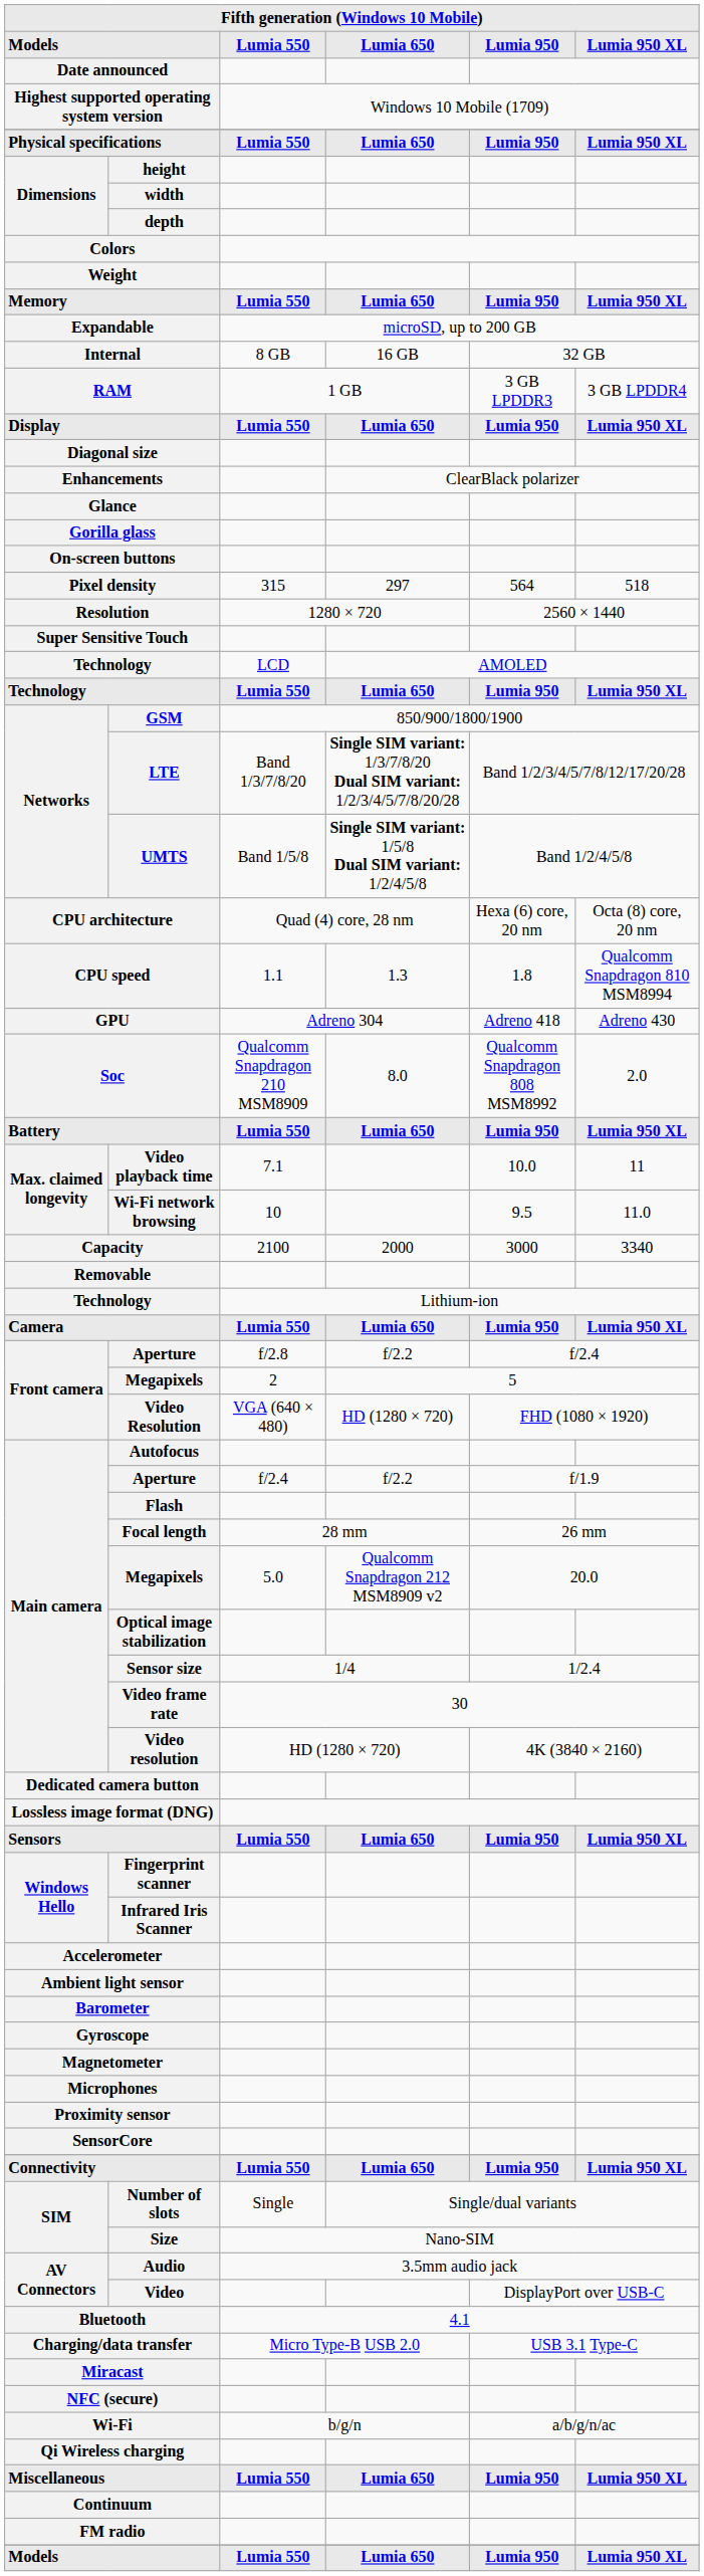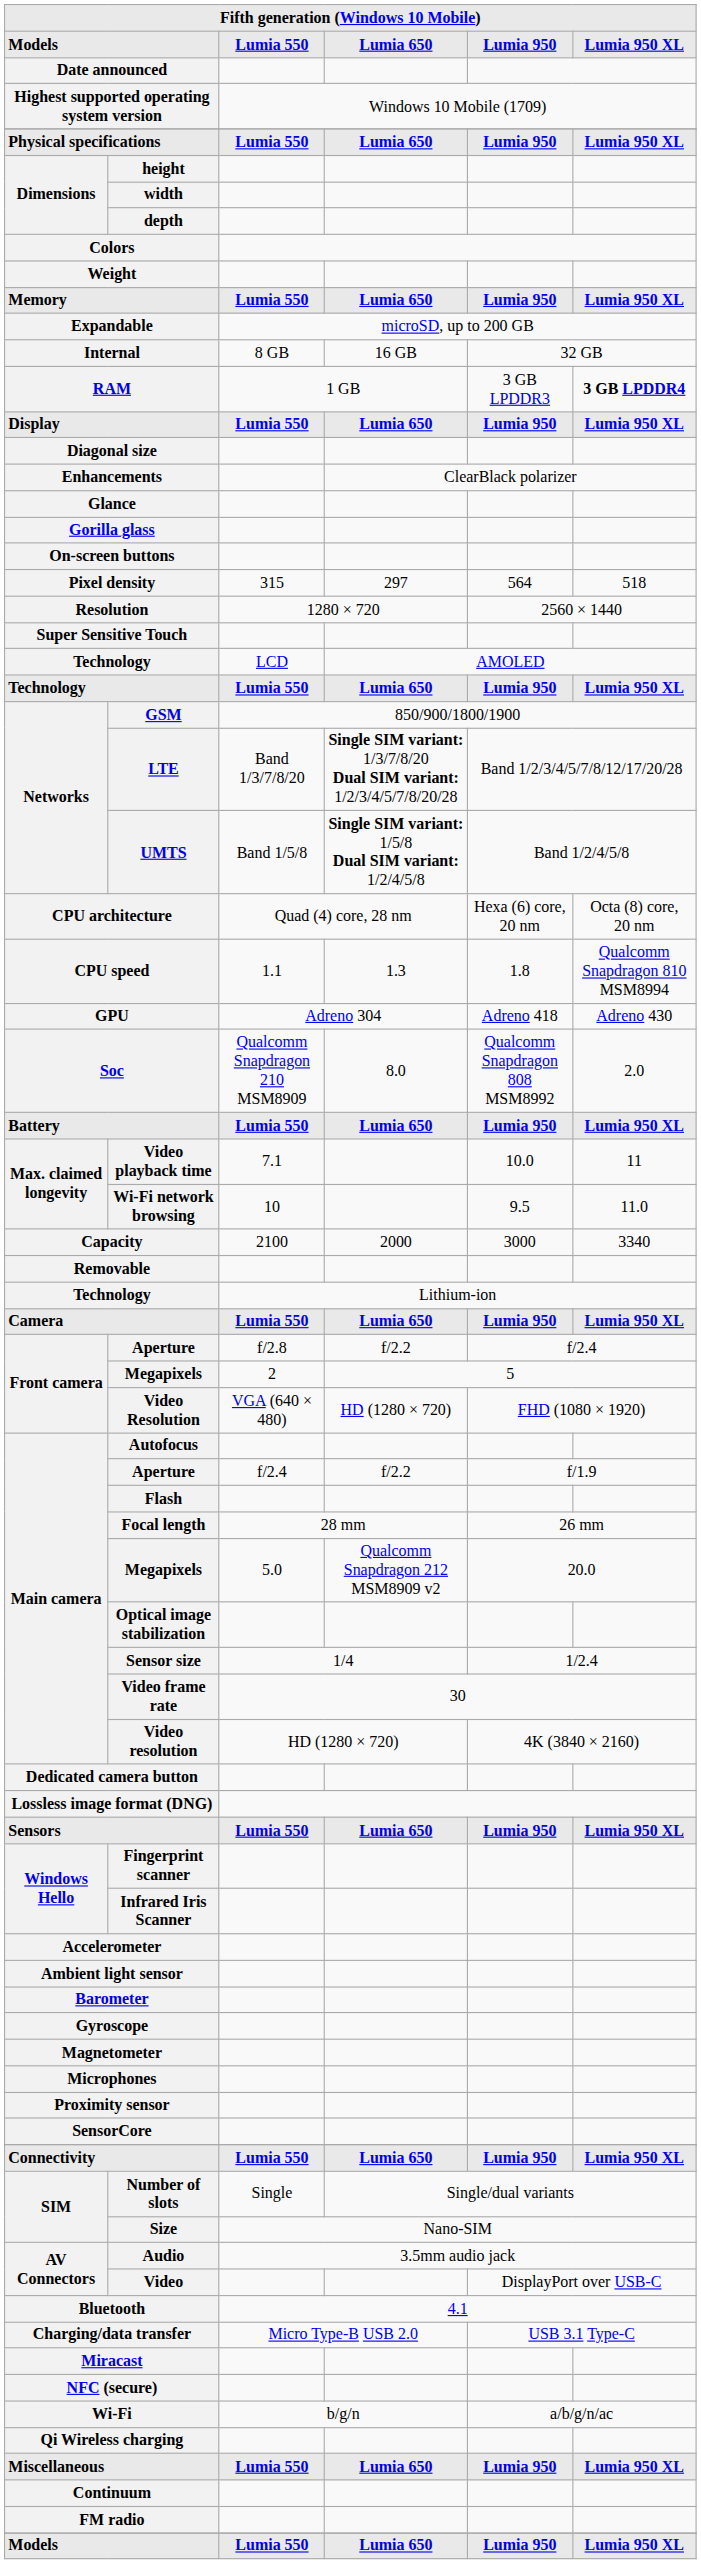 <table class="wikitable collapsible uncollapsed" style="margin:auto; text-align:center; width:auto; font-size:90%">
 <tr>
 <th style="background:#e9e9e9;" colspan=99>Fifth generation (<a href='#'>Windows 10 Mobile</a>)</th>
 </tr>
 <tr style="background:#e9e9e9; white-space:nowrap;">
 <td colspan=2 style="text-align:left;"><strong>Models</strong></td>
 <td><strong><a href='#'>Lumia 550</a></strong></td>
 <td><strong><a href='#'>Lumia 650</a></strong></td>
 <td><strong><a href='#'>Lumia 950</a></strong></td>
 <td><strong><a href='#'>Lumia 950 XL</a></strong></td>
 </tr>
 <tr>
 <th colspan=2>Date announced</th>
 <td colspan=1></td>
 <td colspan=1></td>
 <td colspan=2></td>
 </tr>
 <tr>
 <th colspan=2>Highest supported operating system version</th>
 <td colspan=4>Windows 10 Mobile (1709)</td>
 </tr>
 <tr>
 </tr>
 <tr style="background:#e9e9e9;">
 <td colspan=2 style="text-align:left;"><strong>Physical specifications</strong></td>
 <td><strong><a href='#'>Lumia 550</a></strong></td>
 <td><strong><a href='#'>Lumia 650</a></strong></td>
 <td><strong><a href='#'>Lumia 950</a></strong></td>
 <td><strong><a href='#'>Lumia 950 XL</a></strong></td>
 </tr>
 <tr>
 <th rowspan=3>Dimensions <br> </th>
 <th>height</th>
 <td></td>
 <td></td>
 <td></td>
 <td></td>
 </tr>
 <tr>
 <th>width</th>
 <td></td>
 <td></td>
 <td></td>
 <td></td>
 </tr>
 <tr>
 <th>depth</th>
 <td></td>
 <td></td>
 <td></td>
 <td></td>
 </tr>
 <tr>
 <th colspan=2>Colors</th>
 <td colspan=4> </td>
 </tr>
 <tr>
 <th colspan=2>Weight <br> </th>
 <td></td>
 <td></td>
 <td></td>
 <td></td>
 </tr>
 <tr style="background:#e9e9e9;">
 <td colspan=2 style="text-align:left;"><strong>Memory</strong></td>
 <td><strong><a href='#'>Lumia 550</a></strong></td>
 <td><strong><a href='#'>Lumia 650</a></strong></td>
 <td><strong><a href='#'>Lumia 950</a></strong></td>
 <td><strong><a href='#'>Lumia 950 XL</a></strong></td>
 </tr>
 <tr>
 <th colspan=2>Expandable</th>
 <td colspan=4><a href='#'>microSD</a>, up to 200 GB</td>
 </tr>
 <tr>
 <th colspan=2>Internal</th>
 <td>8 GB</td>
 <td colspan=1>16 GB</td>
 <td colspan=2>32 GB</td>
 </tr>
 <tr>
 <th colspan=2><a href='#'>RAM</a></th>
 <td colspan=2>1 GB</td>
 <td>3 GB <a href='#'>LPDDR3</a></td>
-<td>3 GB <a href='#'>LPDDR4</a></td>
+<td><strong>3 GB <a href='#'>LPDDR4</a></strong></td>
 </tr>
 <tr style="background:#e9e9e9;">
 <td colspan=2 style="text-align:left;"><strong>Display</strong></td>
 <td><strong><a href='#'>Lumia 550</a></strong></td>
 <td><strong><a href='#'>Lumia 650</a></strong></td>
 <td><strong><a href='#'>Lumia 950</a></strong></td>
 <td><strong><a href='#'>Lumia 950 XL</a></strong></td>
 </tr>
 <tr>
 <th colspan=2>Diagonal size <br> </th>
 <td></td>
 <td></td>
 <td></td>
 <td></td>
 </tr>
 <tr>
 <th colspan=2>Enhancements</th>
 <td></td>
 <td colspan=3>ClearBlack polarizer</td>
 </tr>
 <tr>
 <th colspan=2>Glance</th>
 <td></td>
 <td></td>
 <td></td>
 <td></td>
 </tr>
 <tr>
 <th colspan=2><a href='#'>Gorilla glass</a></th>
 <td></td>
 <td></td>
 <td></td>
 <td></td>
 </tr>
 <tr>
 <th colspan=2>On-screen buttons</th>
 <td></td>
 <td></td>
 <td></td>
 <td></td>
 </tr>
 <tr>
 <th colspan=2>Pixel density <br> </th>
 <td>315</td>
 <td>297</td>
 <td>564</td>
 <td>518</td>
 </tr>
 <tr>
 <th colspan=2>Resolution <br> </th>
 <td colspan=2>1280 × 720</td>
 <td colspan=2>2560 × 1440</td>
 </tr>
 <tr>
 <th colspan=2>Super Sensitive Touch</th>
 <td></td>
 <td></td>
 <td></td>
 <td></td>
 </tr>
 <tr>
 <th colspan=2>Technology</th>
 <td><a href='#'>LCD</a></td>
 <td colspan=3><a href='#'>AMOLED</a></td>
 </tr>
 <tr style="background:#e9e9e9;">
 <td colspan=2 style="text-align:left;"><strong>Technology</strong></td>
 <td><strong><a href='#'>Lumia 550</a></strong></td>
 <td><strong><a href='#'>Lumia 650</a></strong></td>
 <td><strong><a href='#'>Lumia 950</a></strong></td>
 <td><strong><a href='#'>Lumia 950 XL</a></strong></td>
 </tr>
 <tr>
 <th rowspan=3>Networks</th>
 <th><a href='#'>GSM</a></th>
 <td colspan=4>850/900/1800/1900</td>
 </tr>
 <tr>
 <th><a href='#'>LTE</a></th>
 <td>Band 1/3/7/8/20</td>
 <td><strong>Single SIM variant:</strong><br>1/3/7/8/20<br><strong>Dual SIM variant:</strong><br>1/2/3/4/5/7/8/20/28</td>
 <td colspan=2>Band 1/2/3/4/5/7/8/12/17/20/28 </td>
 </tr>
 <tr>
 <th><a href='#'>UMTS</a></th>
 <td>Band 1/5/8</td>
 <td><strong>Single SIM variant:</strong><br>1/5/8<br><strong>Dual SIM variant:</strong><br>1/2/4/5/8</td>
 <td colspan=2>Band 1/2/4/5/8</td>
 </tr>
 <tr>
 <th colspan=2>CPU architecture</th>
 <td colspan=2>Quad (4) core, 28 nm</td>
 <td>Hexa (6) core, 20 nm</td>
 <td>Octa (8) core, 20 nm</td>
 </tr>
 <tr>
 <th colspan=2>CPU speed <br> </th>
 <td>1.1</td>
 <td>1.3</td>
 <td>1.8</td>
 <td><a href='#'>Qualcomm Snapdragon 810</a><br>MSM8994</td>
 </tr>
 <tr>
 <th colspan=2>GPU</th>
 <td colspan=2><a href='#'>Adreno</a> 304</td>
 <td><a href='#'>Adreno</a> 418</td>
 <td><a href='#'>Adreno</a> 430</td>
 </tr>
 <tr>
 <th colspan=2><a href='#'>Soc</a></th>
 <td><a href='#'>Qualcomm Snapdragon 210</a><br>MSM8909</td>
 <td>8.0</td>
 <td><a href='#'>Qualcomm Snapdragon 808</a><br>MSM8992</td>
 <td>2.0</td>
 </tr>
 <tr style="background:#e9e9e9;">
 <td colspan=2 style="text-align:left;"><strong>Battery</strong></td>
 <td><strong><a href='#'>Lumia 550</a></strong></td>
 <td><strong><a href='#'>Lumia 650</a></strong></td>
 <td><strong><a href='#'>Lumia 950</a></strong></td>
 <td><strong><a href='#'>Lumia 950 XL</a></strong></td>
 </tr>
 <tr>
 <th rowspan=2>Max. claimed longevity <br> </th>
 <th>Video playback time</th>
 <td>7.1</td>
 <td></td>
 <td>10.0</td>
 <td>11</td>
 </tr>
 <tr>
 <th>Wi-Fi network browsing</th>
 <td>10</td>
 <td></td>
 <td>9.5</td>
 <td>11.0</td>
 </tr>
 <tr>
 <th colspan=2>Capacity <br> </th>
 <td>2100</td>
 <td>2000</td>
 <td>3000</td>
 <td>3340</td>
 </tr>
 <tr>
 <th colspan=2>Removable</th>
 <td></td>
 <td></td>
 <td></td>
 <td></td>
 </tr>
 <tr>
 <th colspan=2>Technology</th>
 <td colspan=4>Lithium-ion</td>
 </tr>
 <tr style="background:#e9e9e9;">
 <td colspan=2 style="text-align:left;"><strong>Camera</strong></td>
 <td><strong><a href='#'>Lumia 550</a></strong></td>
 <td><strong><a href='#'>Lumia 650</a></strong></td>
 <td><strong><a href='#'>Lumia 950</a></strong></td>
 <td><strong><a href='#'>Lumia 950 XL</a></strong></td>
 </tr>
 <tr>
 <th rowspan=3>Front camera</th>
 <th>Aperture</th>
 <td>f/2.8</td>
 <td>f/2.2</td>
 <td colspan=2>f/2.4</td>
 </tr>
 <tr>
 <th>Megapixels</th>
 <td>2</td>
 <td colspan=3>5</td>
 </tr>
 <tr>
 <th>Video Resolution</th>
 <td><a href='#'>VGA</a>  (640 × 480)</td>
 <td><a href='#'>HD</a> (1280 × 720)</td>
 <td colspan=2><a href='#'>FHD</a> (1080 × 1920)</td>
 </tr>
 <tr>
 <th rowspan=9>Main camera</th>
 <th>Autofocus</th>
 <td></td>
 <td></td>
 <td></td>
 <td></td>
 </tr>
 <tr>
 <th>Aperture</th>
 <td>f/2.4</td>
 <td>f/2.2</td>
 <td colspan=2>f/1.9</td>
 </tr>
 <tr>
 <th>Flash</th>
 <td></td>
 <td></td>
 <td></td>
 <td></td>
 </tr>
 <tr>
 <th>Focal length <br> </th>
 <td colspan=2>28 mm</td>
 <td colspan=2>26 mm</td>
 </tr>
 <tr>
 <th>Megapixels</th>
 <td>5.0</td>
 <td><a href='#'>Qualcomm Snapdragon 212</a><br>MSM8909 v2</td>
 <td colspan=2>20.0</td>
 </tr>
 <tr>
 <th>Optical image stabilization</th>
 <td></td>
 <td></td>
 <td></td>
 <td></td>
 </tr>
 <tr>
 <th>Sensor size <br> </th>
 <td colspan=2>1/4</td>
 <td colspan=2>1/2.4</td>
 </tr>
 <tr>
 <th>Video frame rate <br> </th>
 <td colspan=4>30</td>
 </tr>
 <tr>
 <th>Video resolution</th>
 <td colspan=2>HD (1280 × 720)</td>
 <td colspan=2>4K (3840 × 2160)</td>
 </tr>
 <tr>
 <th colspan=2>Dedicated camera button</th>
 <td></td>
 <td></td>
 <td></td>
 <td></td>
 </tr>
 <tr>
 <th colspan=2>Lossless image format (DNG)</th>
 <td colspan=4></td>
 </tr>
 <tr style="background:#e9e9e9;">
 <td colspan=2 style="text-align:left;"><strong>Sensors</strong></td>
 <td><strong><a href='#'>Lumia 550</a></strong></td>
 <td><strong><a href='#'>Lumia 650</a></strong></td>
 <td><strong><a href='#'>Lumia 950</a></strong></td>
 <td><strong><a href='#'>Lumia 950 XL</a></strong></td>
 </tr>
 <tr>
 <th rowspan=2><a href='#'>Windows Hello</a></th>
 <th>Fingerprint scanner</th>
 <td></td>
 <td></td>
 <td></td>
 <td></td>
 </tr>
 <tr>
 <th>Infrared Iris Scanner</th>
 <td></td>
 <td></td>
 <td></td>
 <td></td>
 </tr>
 <tr>
 <th colspan=2>Accelerometer</th>
 <td></td>
 <td></td>
 <td></td>
 <td></td>
 </tr>
 <tr>
 <th colspan=2>Ambient light sensor</th>
 <td></td>
 <td></td>
 <td></td>
 <td></td>
 </tr>
 <tr>
 <th colspan=2><a href='#'>Barometer</a></th>
 <td></td>
 <td></td>
 <td></td>
 <td></td>
 </tr>
 <tr>
 <th colspan=2>Gyroscope</th>
 <td></td>
 <td></td>
 <td></td>
 <td></td>
 </tr>
 <tr>
 <th colspan=2>Magnetometer</th>
 <td></td>
 <td></td>
 <td></td>
 <td></td>
 </tr>
 <tr>
 <th colspan=2>Microphones</th>
 <td></td>
 <td></td>
 <td></td>
 <td></td>
 </tr>
 <tr>
 <th colspan=2>Proximity sensor</th>
 <td></td>
 <td></td>
 <td></td>
 <td></td>
 </tr>
 <tr>
 <th colspan=2>SensorCore</th>
 <td></td>
 <td></td>
 <td></td>
 <td></td>
 </tr>
 <tr>
 </tr>
 <tr style="background:#e9e9e9;">
 <td colspan=2 style="text-align:left;"><strong>Connectivity</strong></td>
 <td><strong><a href='#'>Lumia 550</a></strong></td>
 <td><strong><a href='#'>Lumia 650</a></strong></td>
 <td><strong><a href='#'>Lumia 950</a></strong></td>
 <td><strong><a href='#'>Lumia 950 XL</a></strong></td>
 </tr>
 <tr>
 <th rowspan=2>SIM</th>
 <th>Number of slots</th>
 <td>Single</td>
 <td colspan=3>Single/dual variants</td>
 </tr>
 <tr>
 <th>Size</th>
 <td colspan=4>Nano-SIM</td>
 </tr>
 <tr>
 <th rowspan=2>AV Connectors</th>
 <th>Audio</th>
 <td colspan=4>3.5mm audio jack</td>
 </tr>
 <tr>
 <th>Video</th>
 <td></td>
 <td></td>
 <td colspan=2>DisplayPort over <a href='#'>USB-C</a></td>
 </tr>
 <tr>
 <th colspan=2>Bluetooth</th>
 <td colspan=4><a href='#'>4.1</a></td>
 </tr>
 <tr>
 <th colspan=2>Charging/data transfer</th>
 <td colspan=2><a href='#'>Micro Type-B</a> <a href='#'>USB 2.0</a></td>
 <td colspan=3><a href='#'>USB 3.1</a> <a href='#'>Type-C</a></td>
 </tr>
 <tr>
 <th colspan=2><a href='#'>Miracast</a></th>
 <td></td>
 <td></td>
 <td></td>
 <td></td>
 </tr>
 <tr>
 <th colspan=2><a href='#'>NFC</a> (secure)</th>
 <td></td>
 <td></td>
 <td></td>
 <td></td>
 </tr>
 <tr>
 <th colspan=2>Wi-Fi</th>
 <td colspan=2>b/g/n</td>
 <td colspan=2>a/b/g/n/ac</td>
 </tr>
 <tr>
 <th colspan=2>Qi Wireless charging</th>
 <td></td>
 <td></td>
 <td></td>
 <td></td>
 </tr>
 <tr style="background:#e9e9e9;">
 <td colspan=2 style="text-align:left;"><strong>Miscellaneous</strong></td>
 <td><strong><a href='#'>Lumia 550</a></strong></td>
 <td><strong><a href='#'>Lumia 650</a></strong></td>
 <td><strong><a href='#'>Lumia 950</a></strong></td>
 <td><strong><a href='#'>Lumia 950 XL</a></strong></td>
 </tr>
 <tr>
 <th colspan=2>Continuum</th>
 <td></td>
 <td></td>
 <td></td>
 <td></td>
 </tr>
 <tr>
 <th colspan=2>FM radio</th>
 <td></td>
 <td></td>
 <td></td>
 <td></td>
 </tr>
 <tr>
 </tr>
 <tr style="background:#e9e9e9;">
 <td colspan=2 style="text-align:left;"><strong>Models</strong></td>
 <td><strong><a href='#'>Lumia 550</a></strong></td>
 <td><strong><a href='#'>Lumia 650</a></strong></td>
 <td><strong><a href='#'>Lumia 950</a></strong></td>
 <td><strong><a href='#'>Lumia 950 XL</a></strong></td>
 </tr>
 </table>
